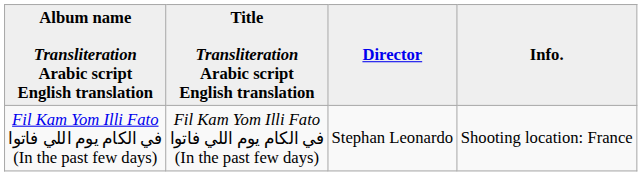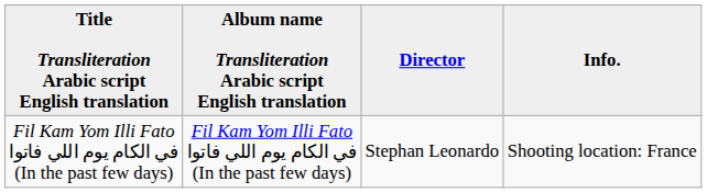 <table class="wikitable" style="text-align:center;">
 <tr>
+<th style="background:#efefef;">Title<br><br><em>Transliteration</em><br>Arabic script<br>English translation</th>
 <th style="background:#efefef;">Album name<br><br><em>Transliteration</em><br>Arabic script<br>English translation</th>
-<th style="background:#efefef;">Title<br><br><em>Transliteration</em><br>Arabic script<br>English translation</th>
 <th style="background:#efefef;"><a href='#'>Director</a></th>
 <th style="background:#efefef;">Info.</th>
 </tr>
 <tr>
+<td><em>Fil Kam Yom Illi Fato</em><br>في الكام يوم اللي فاتوا<br>(In the past few days)</td>
 <td><em><a href='#'>Fil Kam Yom Illi Fato</a></em><br>في الكام يوم اللي فاتوا<br>(In the past few days)</td>
-<td><em>Fil Kam Yom Illi Fato</em><br>في الكام يوم اللي فاتوا<br>(In the past few days)</td>
 <td>Stephan Leonardo</td>
 <td>Shooting location: France</td>
 </tr>
 </table>
